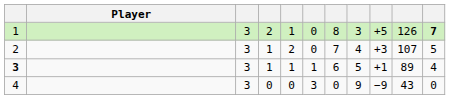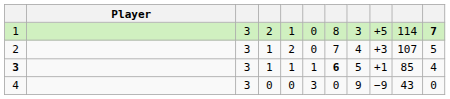 <table class="wikitable" style="text-align:center; margin: 1em auto 1em auto, align:left">
 <tr>
 <th width=20></th>
 <th width=240>Player</th>
 <th width=20></th>
 <th width=20></th>
 <th width=20></th>
 <th width=20></th>
 <th width=20></th>
 <th width=20></th>
 <th width=20></th>
 <th width=30></th>
 <th width=20></th>
 </tr>
 <tr style="background:#D0F0C0;">
 <td>1</td>
 <td align=left></td>
 <td>3</td>
 <td>2</td>
 <td>1</td>
 <td>0</td>
 <td>8</td>
 <td>3</td>
 <td>+5</td>
-<td>126</td>
+<td>114</td>
 <td><strong>7</strong></td>
 </tr>
 <tr style=>
 <td>2</td>
 <td align=left></td>
 <td>3</td>
 <td>1</td>
 <td>2</td>
 <td>0</td>
 <td>7</td>
 <td>4</td>
 <td>+3</td>
 <td>107</td>
 <td>5</td>
 </tr>
 <tr style=>
 <td><strong>3</strong></td>
 <td align=left></td>
 <td>3</td>
 <td>1</td>
 <td>1</td>
 <td>1</td>
-<td>6</td>
+<td><strong>6</strong></td>
 <td>5</td>
 <td>+1</td>
-<td>89</td>
+<td>85</td>
 <td>4</td>
 </tr>
 <tr style=>
 <td>4</td>
 <td align=left></td>
 <td>3</td>
 <td>0</td>
 <td>0</td>
 <td>3</td>
 <td>0</td>
 <td>9</td>
 <td>−9</td>
 <td>43</td>
 <td>0</td>
 </tr>
 </table>
